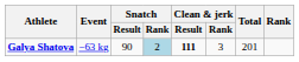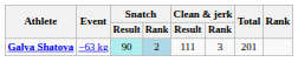 <table class="wikitable" style="font-size:90%">
 <tr>
 <th rowspan="2">Athlete</th>
 <th rowspan="2">Event</th>
 <th colspan="2">Snatch</th>
 <th colspan="2">Clean & jerk</th>
 <th rowspan="2">Total</th>
 <th rowspan="2">Rank</th>
 </tr>
 <tr style="font-size:95%">
 <th>Result</th>
 <th>Rank</th>
 <th>Result</th>
 <th>Rank</th>
 </tr>
 <tr align=center>
 <td align=left><strong><a href='#'>Galya Shatova</a></strong></td>
 <td align=left><a href='#'>−63 kg</a></td>
-<td>90</td>
+<td style="background: paleturquoise;">90</td>
 <td style="background: lightblue;">2</td>
-<td><strong>111</strong></td>
+<td>111</td>
 <td>3</td>
 <td>201</td>
 <td></td>
 </tr>
 </table>
